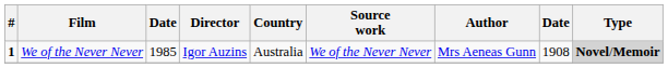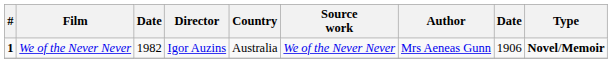 <table class="wikitable">
 <tr>
 <th>#</th>
 <th>Film</th>
 <th>Date</th>
 <th>Director</th>
 <th>Country</th>
 <th>Source<br>work</th>
 <th>Author</th>
 <th>Date</th>
 <th>Type</th>
 </tr>
 <tr>
 <td><strong>1</strong></td>
 <td><em><a href='#'>We of the Never Never</a></em></td>
-<td>1985</td>
+<td>1982</td>
 <td><a href='#'>Igor Auzins</a></td>
 <td>Australia</td>
 <td><em><a href='#'>We of the Never Never</a></em></td>
 <td><a href='#'>Mrs Aeneas Gunn</a></td>
-<td>1908</td>
-<td style="background: lightgrey;"><strong>Novel</strong>/<strong>Memoir</strong></td>
+<td>1906</td>
+<td><strong>Novel</strong>/<strong>Memoir</strong></td>
 </tr>
 <tr>
 </tr>
 </table>
